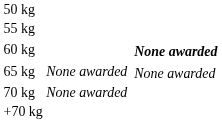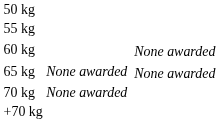 <table>
 <tr>
 <td rowspan=2>50 kg</td>
 <td rowspan=2></td>
 <td rowspan=2></td>
 <td></td>
 </tr>
 <tr>
 <td></td>
 </tr>
 <tr>
 <td rowspan=2>55 kg</td>
 <td rowspan=2></td>
 <td rowspan=2></td>
 <td></td>
 </tr>
 <tr>
 <td></td>
 </tr>
 <tr>
 <td rowspan=2>60 kg</td>
 <td rowspan=2></td>
 <td rowspan=2></td>
 <td></td>
 </tr>
 <tr>
-<td><strong><em>None awarded</em></strong></td>
+<td><em>None awarded</em></td>
 </tr>
 <tr>
 <td rowspan=2>65 kg</td>
 <td rowspan=2><em>None awarded</em></td>
 <td rowspan=2></td>
 <td></td>
 </tr>
 <tr>
 <td><em>None awarded</em></td>
 </tr>
 <tr>
 <td rowspan=2>70 kg</td>
 <td rowspan=2><em>None awarded</em></td>
 <td rowspan=2></td>
 <td></td>
 </tr>
 <tr>
 <td></td>
 </tr>
 <tr>
 <td rowspan=2>+70 kg</td>
 <td rowspan=2></td>
 <td rowspan=2></td>
 <td></td>
 </tr>
 <tr>
 <td></td>
 </tr>
 </table>
